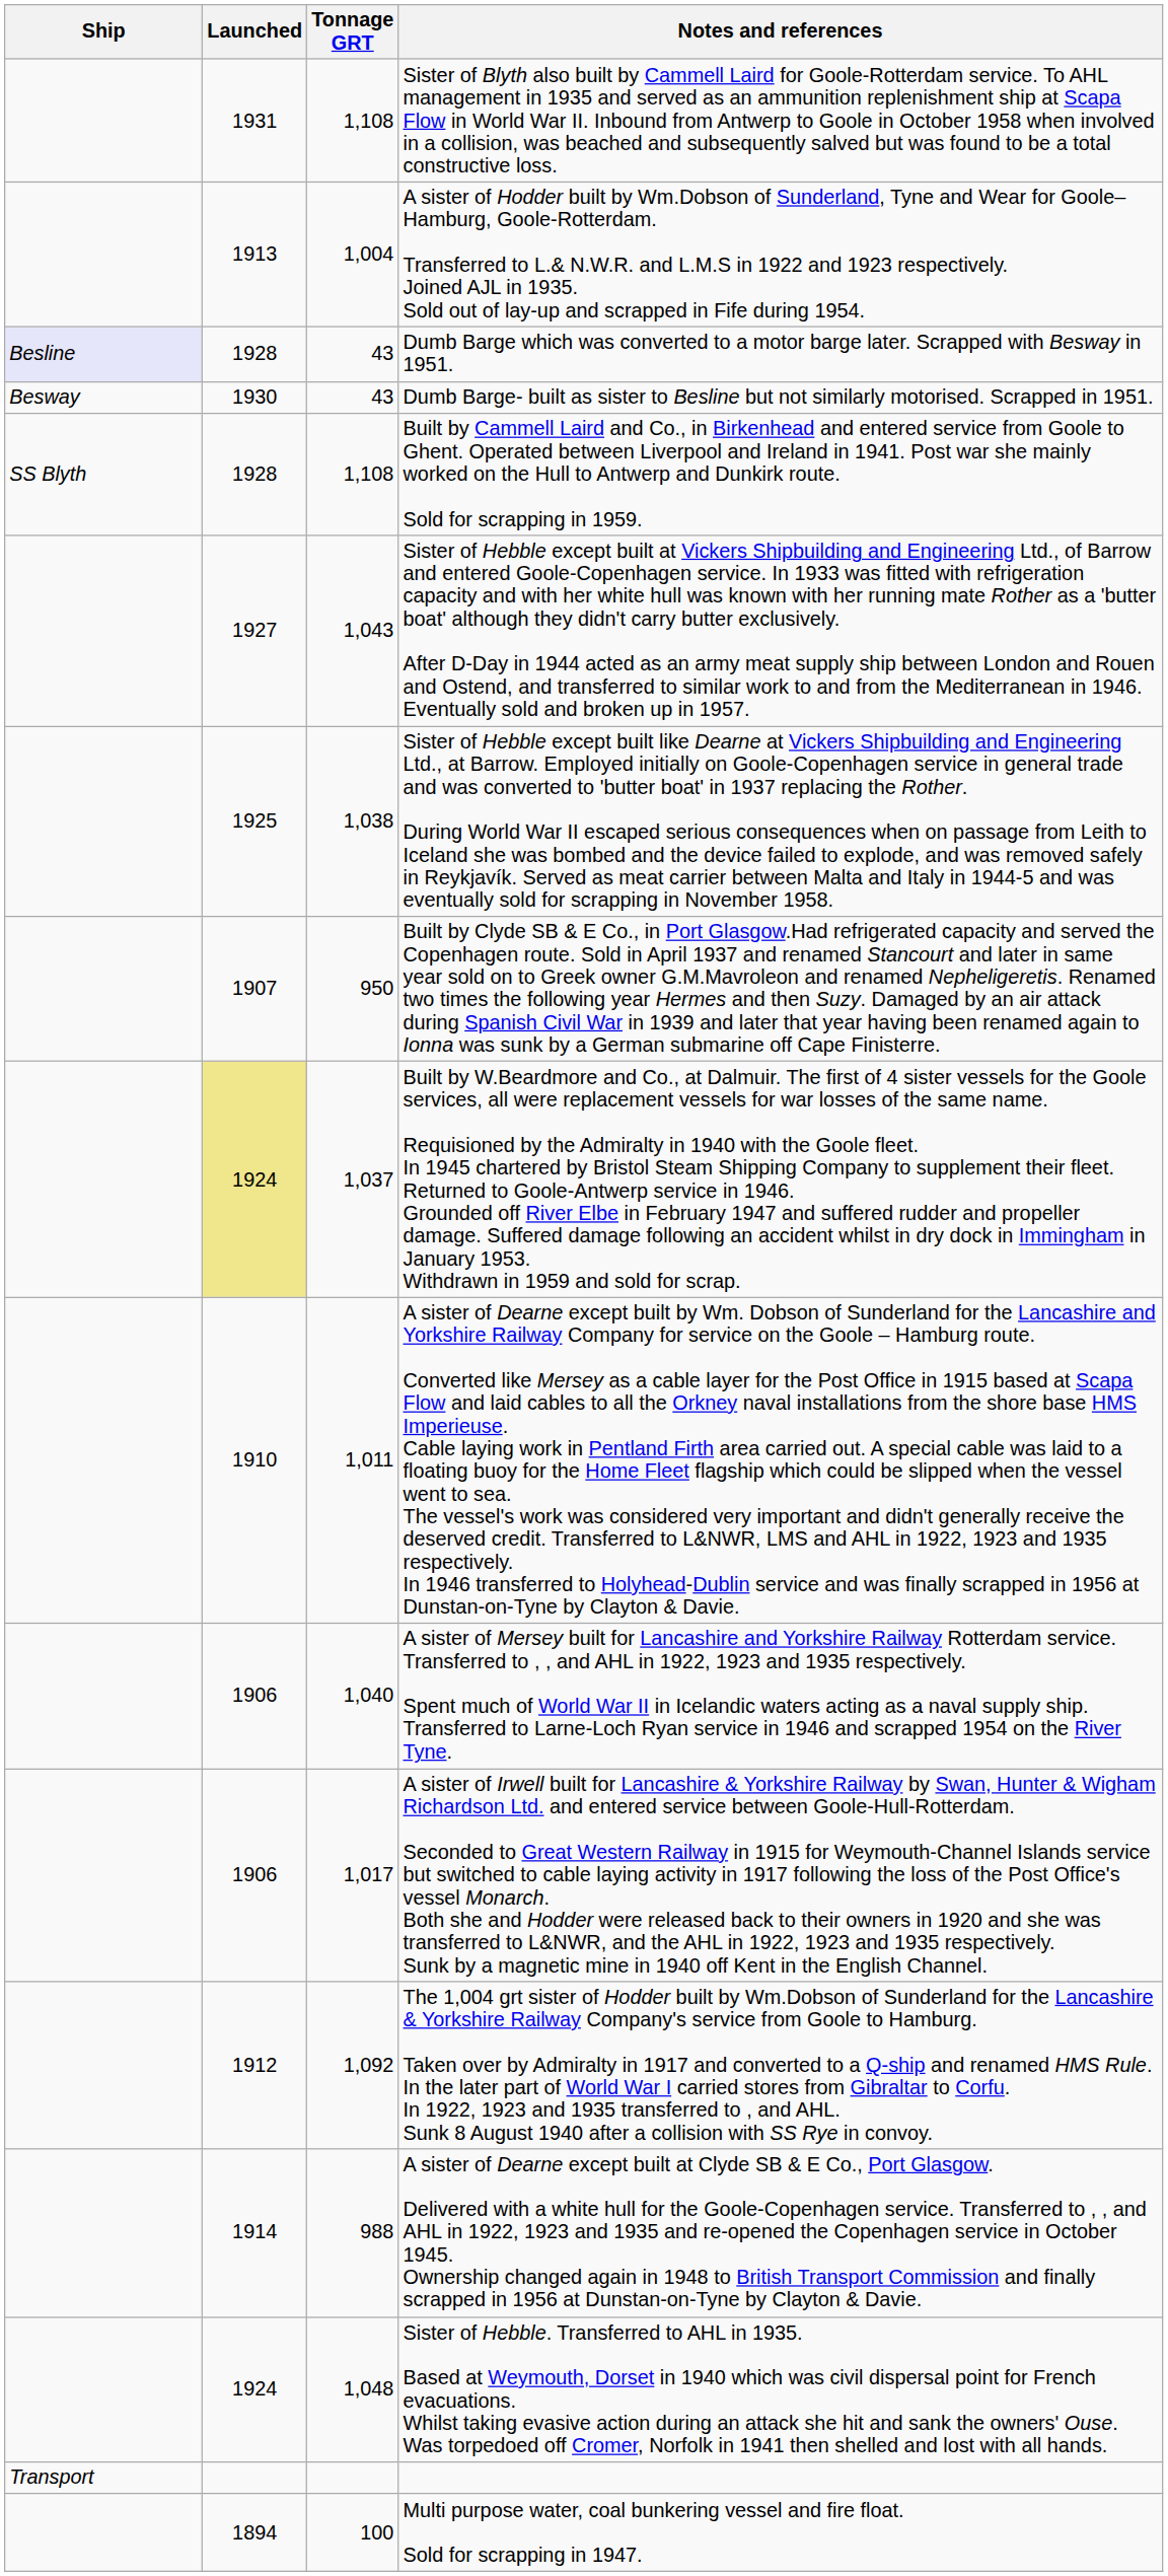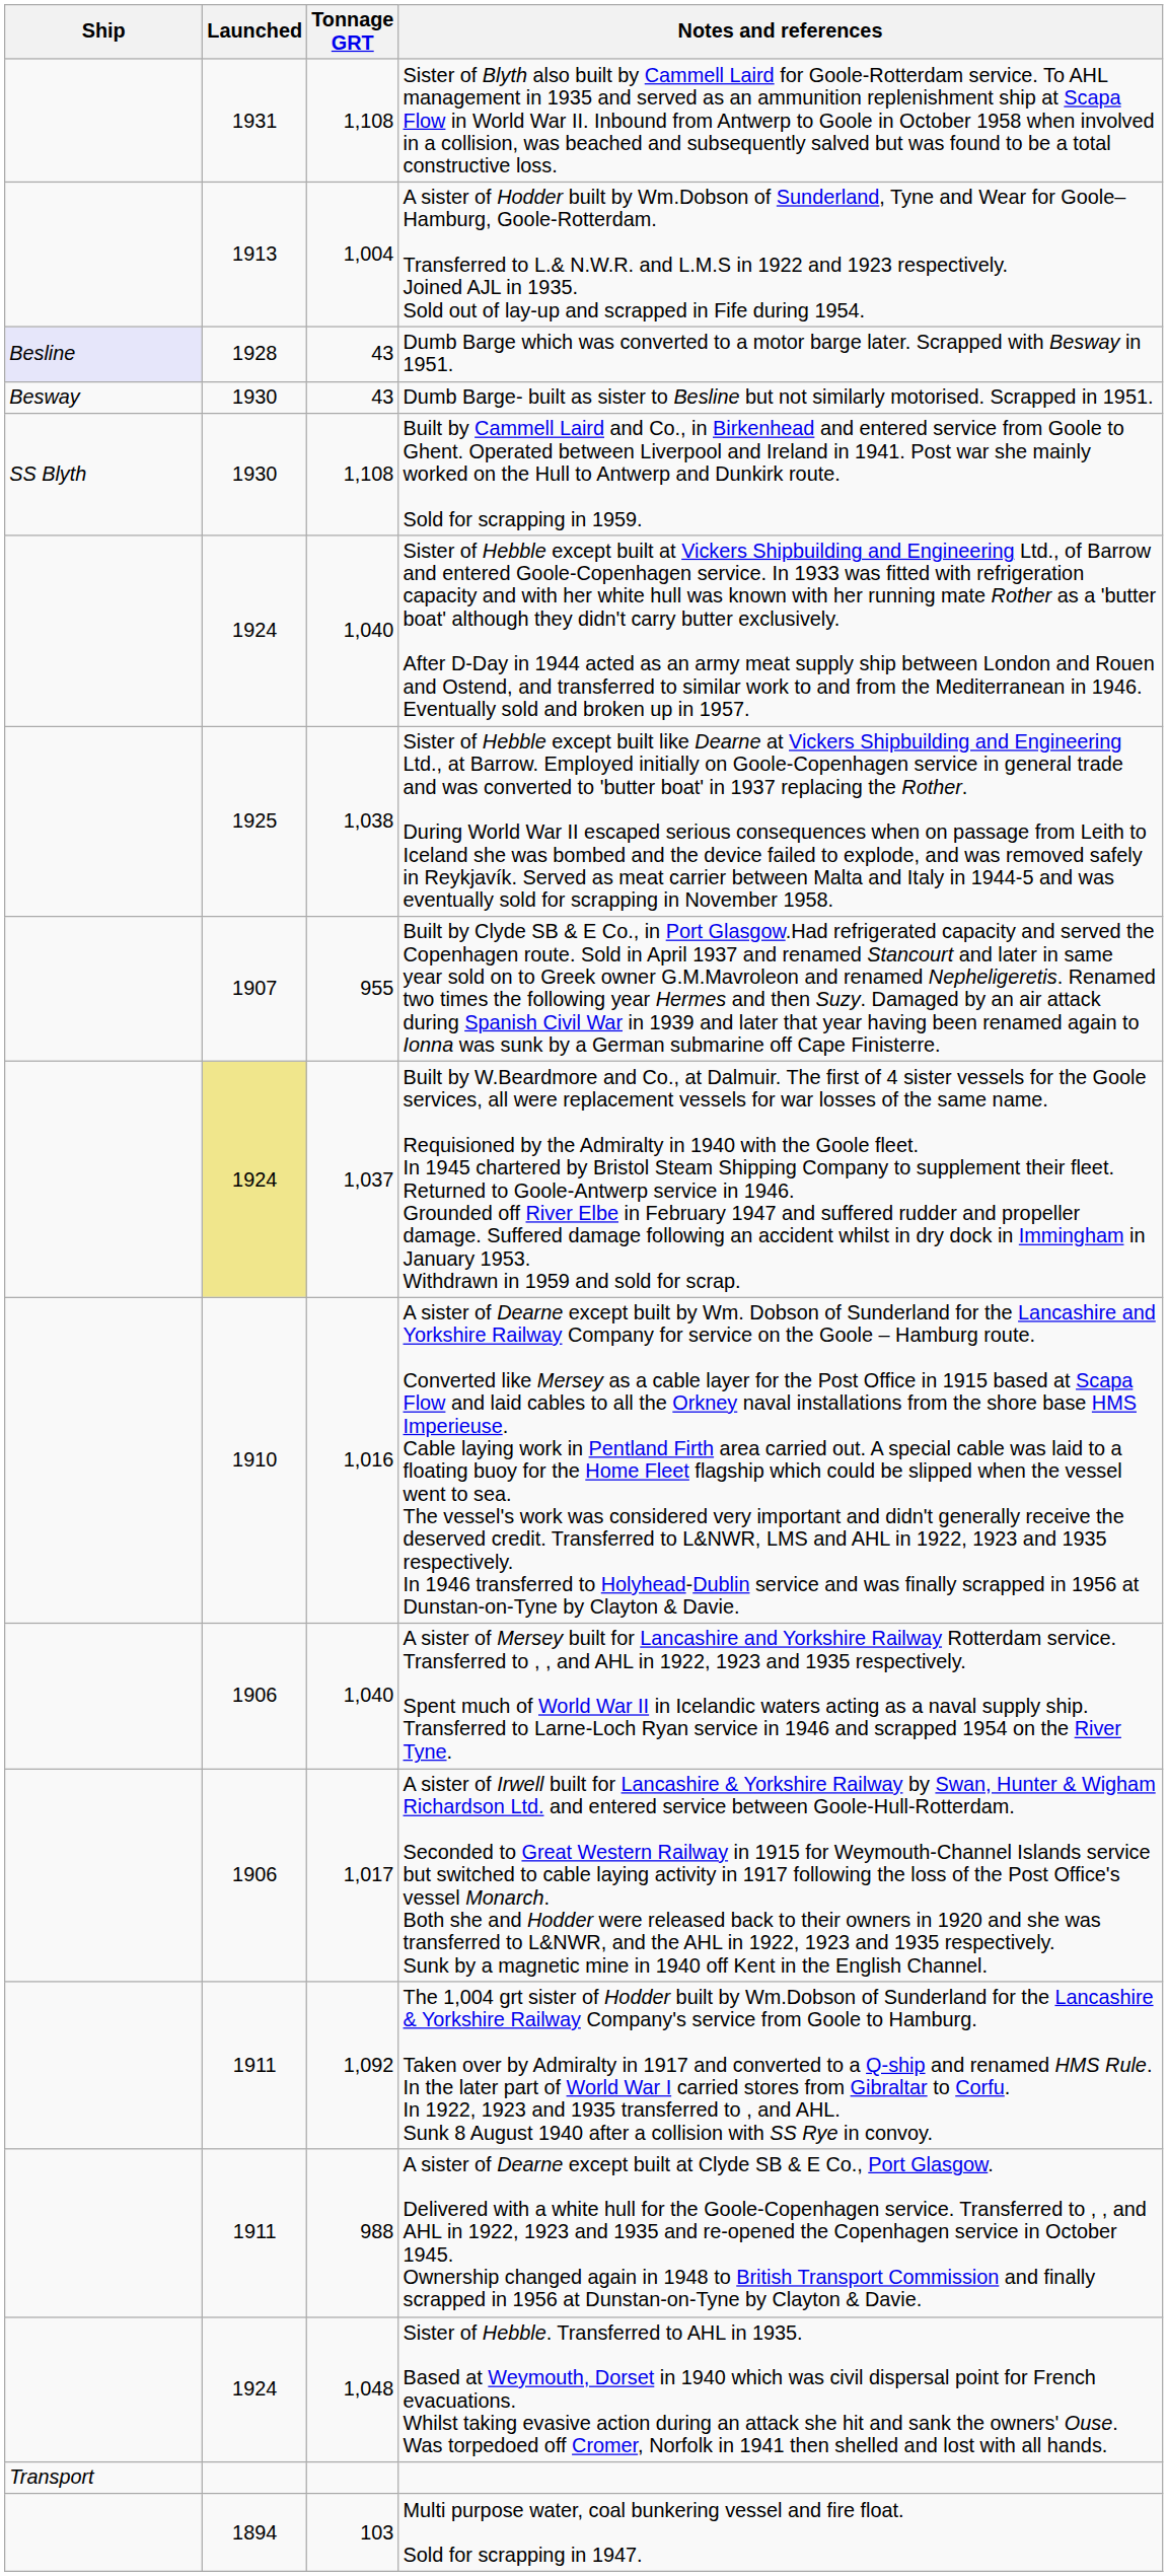 <table class="wikitable sortable">
 <tr>
 <th scope="col" width="150px">Ship</th>
 <th scope="col" width="25px">Launched</th>
 <th scope="col" width="25px">Tonnage <a href='#'>GRT</a></th>
 <th scope="col" width="600px">Notes and references</th>
 </tr>
 <tr>
 <td></td>
 <td align="center">1931</td>
 <td align="right">1,108</td>
 <td>Sister of <em>Blyth</em> also built by <a href='#'>Cammell Laird</a> for Goole-Rotterdam service. To AHL management in 1935 and served as an ammunition replenishment ship at <a href='#'>Scapa Flow</a> in World War II. Inbound from Antwerp to Goole in October 1958 when involved in a collision, was beached and subsequently salved but was found to be a total constructive loss.</td>
 </tr>
 <tr>
 <td></td>
 <td align="center">1913</td>
 <td align="right">1,004</td>
 <td>A sister of <em>Hodder</em> built by Wm.Dobson of <a href='#'>Sunderland</a>, Tyne and Wear for Goole–Hamburg, Goole-Rotterdam.<br><br>Transferred to L.& N.W.R. and L.M.S in 1922 and 1923 respectively.<br> Joined AJL in 1935.<br> Sold out of lay-up and scrapped in Fife during 1954.</td>
 </tr>
 <tr>
 <td style="background: lavender;"><em>Besline</em></td>
 <td align="center">1928</td>
 <td align="right">43</td>
 <td>Dumb Barge which was converted to a motor barge later. Scrapped with <em>Besway</em> in 1951.</td>
 </tr>
 <tr>
 <td><em>Besway</em></td>
 <td align="center">1930</td>
 <td align="right">43</td>
 <td>Dumb Barge- built as sister to <em>Besline</em> but not similarly motorised. Scrapped in 1951.</td>
 </tr>
 <tr>
 <td><em>SS Blyth</em></td>
-<td align="center">1928</td>
+<td align="center">1930</td>
 <td align="right">1,108</td>
 <td>Built by <a href='#'>Cammell Laird</a> and Co., in <a href='#'>Birkenhead</a> and entered service from Goole to Ghent. Operated between Liverpool and Ireland in 1941. Post war she mainly worked on the Hull to Antwerp and Dunkirk route.<br><br>Sold for scrapping in 1959.</td>
 </tr>
 <tr>
 <td></td>
-<td align="center">1927</td>
-<td align="right">1,043</td>
+<td align="center">1924</td>
+<td align="right">1,040</td>
 <td>Sister of <em>Hebble</em> except built at <a href='#'>Vickers Shipbuilding and Engineering</a> Ltd., of Barrow and entered Goole-Copenhagen service. In 1933 was fitted with refrigeration capacity and with her white hull was known with her running mate <em>Rother</em> as a 'butter boat' although they didn't carry butter exclusively.<br><br>After D-Day in 1944 acted as an army meat supply ship between London and Rouen and Ostend, and transferred to similar work to and from the Mediterranean in 1946.<br> Eventually sold and broken up in 1957.</td>
 </tr>
 <tr>
 <td></td>
 <td align="center">1925</td>
 <td align="right">1,038</td>
 <td>Sister of <em>Hebble</em> except built like <em>Dearne</em> at <a href='#'>Vickers Shipbuilding and Engineering</a> Ltd., at Barrow. Employed initially on Goole-Copenhagen service in general trade and was converted to 'butter boat' in 1937 replacing the <em>Rother</em>.<br><br>During World War II escaped serious consequences when on passage from Leith to Iceland she was bombed and the device failed to explode, and was removed safely in Reykjavík. Served as meat carrier between Malta and Italy in 1944-5 and was eventually sold for scrapping in November 1958.</td>
 </tr>
 <tr>
 <td></td>
 <td align="center">1907</td>
-<td align="right">950</td>
+<td align="right">955</td>
 <td>Built by Clyde SB & E Co., in <a href='#'>Port Glasgow</a>.Had refrigerated capacity and served the Copenhagen route. Sold in April 1937 and renamed <em>Stancourt</em> and later in same year sold on to Greek owner G.M.Mavroleon and renamed <em>Nepheligeretis</em>. Renamed two times the following year <em>Hermes</em> and then <em>Suzy</em>. Damaged by an air attack during <a href='#'>Spanish Civil War</a> in 1939 and later that year having been renamed again to <em>Ionna</em> was sunk by a German submarine off Cape Finisterre.</td>
 </tr>
 <tr>
 <td></td>
 <td align="center" style="background: khaki;">1924</td>
 <td align="right">1,037</td>
 <td>Built by W.Beardmore and Co., at Dalmuir. The first of 4 sister vessels for the Goole services, all were replacement vessels for war losses of the same name.<br><br>Requisioned by the Admiralty in 1940 with the Goole fleet.<br> In 1945 chartered by Bristol Steam Shipping Company to supplement their fleet.<br> Returned to Goole-Antwerp service in 1946.<br> Grounded off <a href='#'>River Elbe</a> in February 1947 and suffered rudder and propeller damage. Suffered damage following an accident whilst in dry dock in <a href='#'>Immingham</a> in January 1953.<br> Withdrawn in 1959 and sold for scrap.</td>
 </tr>
 <tr>
 <td></td>
 <td align="center">1910</td>
-<td align="right">1,011</td>
+<td align="right">1,016</td>
 <td>A sister of <em>Dearne</em> except built by Wm. Dobson of Sunderland for the <a href='#'>Lancashire and Yorkshire Railway</a> Company for service on the Goole – Hamburg route.<br><br>Converted like <em>Mersey</em> as a cable layer for the Post Office in 1915 based at <a href='#'>Scapa Flow</a> and laid cables to all the <a href='#'>Orkney</a> naval installations from the shore base <a href='#'>HMS Imperieuse</a>.<br> Cable laying work in <a href='#'>Pentland Firth</a> area carried out. A special cable was laid to a floating buoy for the <a href='#'>Home Fleet</a> flagship which could be slipped when the vessel went to sea.<br> The vessel's work was considered very important and didn't generally receive the deserved credit. Transferred to L&NWR, LMS and AHL in 1922, 1923 and 1935 respectively.<br> In 1946 transferred to <a href='#'>Holyhead</a>-<a href='#'>Dublin</a> service and was finally scrapped in 1956 at Dunstan-on-Tyne by Clayton & Davie.</td>
 </tr>
 <tr>
 <td></td>
 <td align="center">1906</td>
 <td align="right">1,040</td>
 <td>A sister of <em>Mersey</em> built for <a href='#'>Lancashire and Yorkshire Railway</a> Rotterdam service. Transferred to , , and AHL in 1922, 1923 and 1935 respectively.<br><br>Spent much of <a href='#'>World War II</a> in Icelandic waters acting as a naval supply ship. Transferred to Larne-Loch Ryan service in 1946 and scrapped 1954 on the <a href='#'>River Tyne</a>.</td>
 </tr>
 <tr>
 <td></td>
 <td align="center">1906</td>
 <td align="right">1,017</td>
 <td>A sister of <em>Irwell</em> built for <a href='#'>Lancashire & Yorkshire Railway</a> by <a href='#'>Swan, Hunter & Wigham Richardson Ltd.</a> and entered service between Goole-Hull-Rotterdam.<br><br>Seconded to <a href='#'>Great Western Railway</a> in 1915 for Weymouth-Channel Islands service but switched to cable laying activity in 1917 following the loss of the Post Office's vessel <em>Monarch</em>.<br> Both she and <em>Hodder</em> were released back to their owners in 1920 and she was transferred to <abbr>L&NWR</abbr>,  and the AHL in 1922, 1923 and 1935 respectively.<br> Sunk by a magnetic mine in 1940 off Kent in the English Channel.</td>
 </tr>
 <tr>
 <td></td>
-<td align="center">1912</td>
+<td align="center">1911</td>
 <td align="right">1,092</td>
 <td>The 1,004 grt sister of <em>Hodder</em> built by Wm.Dobson of Sunderland for the <a href='#'>Lancashire & Yorkshire Railway</a> Company's service from Goole to Hamburg.<br><br>Taken over by Admiralty in 1917 and converted to a <a href='#'>Q-ship</a> and renamed <em>HMS Rule</em>.<br> In the later part of <a href='#'>World War I</a> carried stores from <a href='#'>Gibraltar</a> to <a href='#'>Corfu</a>.<br> In 1922, 1923 and 1935 transferred to ,  and AHL.<br> Sunk 8 August 1940 after a collision with <em>SS Rye</em> in convoy.</td>
 </tr>
 <tr>
 <td></td>
-<td align="center">1914</td>
+<td align="center">1911</td>
 <td align="right">988</td>
 <td>A sister of <em>Dearne</em> except built at Clyde SB & E Co., <a href='#'>Port Glasgow</a>.<br><br>Delivered with a white hull for the Goole-Copenhagen service. Transferred to , , and AHL in 1922, 1923 and 1935 and re-opened the Copenhagen service in October 1945.<br> Ownership changed again in 1948 to <a href='#'>British Transport Commission</a> and finally scrapped in 1956 at Dunstan-on-Tyne by Clayton & Davie.</td>
 </tr>
 <tr>
 <td></td>
 <td align="center">1924</td>
 <td align="right">1,048</td>
 <td>Sister of <em>Hebble</em>. Transferred to AHL in 1935.<br><br>Based at <a href='#'>Weymouth, Dorset</a> in 1940 which was civil dispersal point for French evacuations.<br> Whilst taking evasive action during an attack she hit and sank the owners' <em>Ouse</em>.<br> Was torpedoed off <a href='#'>Cromer</a>, Norfolk in 1941 then shelled and lost with all hands.</td>
 </tr>
 <tr>
 <td><em>Transport</em></td>
 <td></td>
 <td></td>
 <td></td>
 </tr>
 <tr>
 <td></td>
 <td align="center">1894</td>
-<td align="right">100</td>
+<td align="right">103</td>
 <td>Multi purpose water, coal bunkering vessel and fire float.<br><br>Sold for scrapping in 1947.</td>
 </tr>
 <tr>
 </tr>
 </table>
